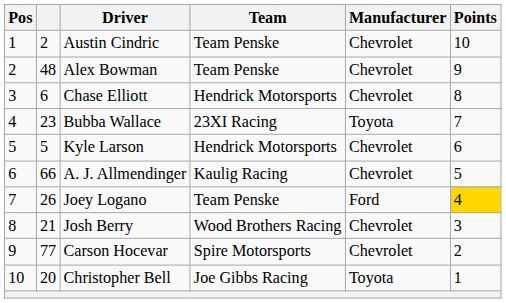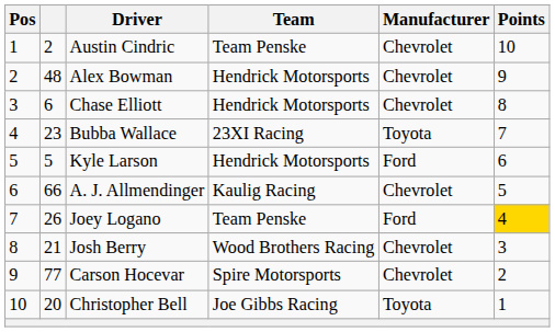 <table class="wikitable" style="font-size:98%">
 <tr>
 <th>Pos</th>
 <th></th>
 <th>Driver</th>
 <th>Team</th>
 <th>Manufacturer</th>
 <th>Points</th>
 </tr>
 <tr>
 <td>1</td>
 <td>2</td>
 <td>Austin Cindric</td>
 <td>Team Penske</td>
 <td>Chevrolet</td>
 <td>10</td>
 </tr>
 <tr>
 <td>2</td>
 <td>48</td>
 <td>Alex Bowman</td>
-<td>Team Penske</td>
+<td>Hendrick Motorsports</td>
 <td>Chevrolet</td>
 <td>9</td>
 </tr>
 <tr>
 <td>3</td>
 <td>6</td>
 <td>Chase Elliott</td>
 <td>Hendrick Motorsports</td>
 <td>Chevrolet</td>
 <td>8</td>
 </tr>
 <tr>
 <td>4</td>
 <td>23</td>
 <td>Bubba Wallace</td>
 <td>23XI Racing</td>
 <td>Toyota</td>
 <td>7</td>
 </tr>
 <tr>
 <td>5</td>
 <td>5</td>
 <td>Kyle Larson</td>
 <td>Hendrick Motorsports</td>
-<td>Chevrolet</td>
+<td>Ford</td>
 <td>6</td>
 </tr>
 <tr>
 <td>6</td>
 <td>66</td>
 <td>A. J. Allmendinger</td>
 <td>Kaulig Racing</td>
 <td>Chevrolet</td>
 <td>5</td>
 </tr>
 <tr>
 <td>7</td>
 <td>26</td>
 <td>Joey Logano</td>
 <td>Team Penske</td>
 <td>Ford</td>
 <td style="background: gold;">4</td>
 </tr>
 <tr>
 <td>8</td>
 <td>21</td>
 <td>Josh Berry</td>
 <td>Wood Brothers Racing</td>
 <td>Chevrolet</td>
 <td>3</td>
 </tr>
 <tr>
 <td>9</td>
 <td>77</td>
 <td>Carson Hocevar</td>
 <td>Spire Motorsports</td>
 <td>Chevrolet</td>
 <td>2</td>
 </tr>
 <tr>
 <td>10</td>
 <td>20</td>
 <td>Christopher Bell</td>
 <td>Joe Gibbs Racing</td>
 <td>Toyota</td>
 <td>1</td>
 </tr>
 <tr>
 <th colspan="6"></th>
 </tr>
 </table>
